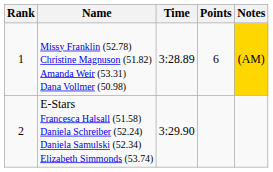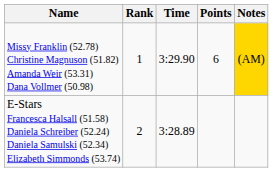 <table class="wikitable" style="text-align:center">
 <tr>
+<th>Name</th>
 <th>Rank</th>
-<th>Name</th>
 <th>Time</th>
 <th>Points</th>
 <th>Notes</th>
 </tr>
 <tr>
+<td align="left"> <br><small><a href='#'>Missy Franklin</a> (52.78)<br><a href='#'>Christine Magnuson</a> (51.82)<br><a href='#'>Amanda Weir</a> (53.31)<br><a href='#'>Dana Vollmer</a> (50.98)</small></td>
 <td>1</td>
-<td align="left"> <br><small><a href='#'>Missy Franklin</a> (52.78)<br><a href='#'>Christine Magnuson</a> (51.82)<br><a href='#'>Amanda Weir</a> (53.31)<br><a href='#'>Dana Vollmer</a> (50.98)</small></td>
-<td>3:28.89</td>
+<td>3:29.90</td>
 <td>6</td>
 <td style="background: gold;">(AM)</td>
 </tr>
 <tr>
+<td align="left">E-Stars <br><small><a href='#'>Francesca Halsall</a> (51.58)<br><a href='#'>Daniela Schreiber</a> (52.24)<br><a href='#'>Daniela Samulski</a> (52.34)<br><a href='#'>Elizabeth Simmonds</a> (53.74)</small></td>
 <td>2</td>
-<td align="left">E-Stars <br><small><a href='#'>Francesca Halsall</a> (51.58)<br><a href='#'>Daniela Schreiber</a> (52.24)<br><a href='#'>Daniela Samulski</a> (52.34)<br><a href='#'>Elizabeth Simmonds</a> (53.74)</small></td>
-<td>3:29.90</td>
+<td>3:28.89</td>
 <td></td>
 <td></td>
 </tr>
 </table>
